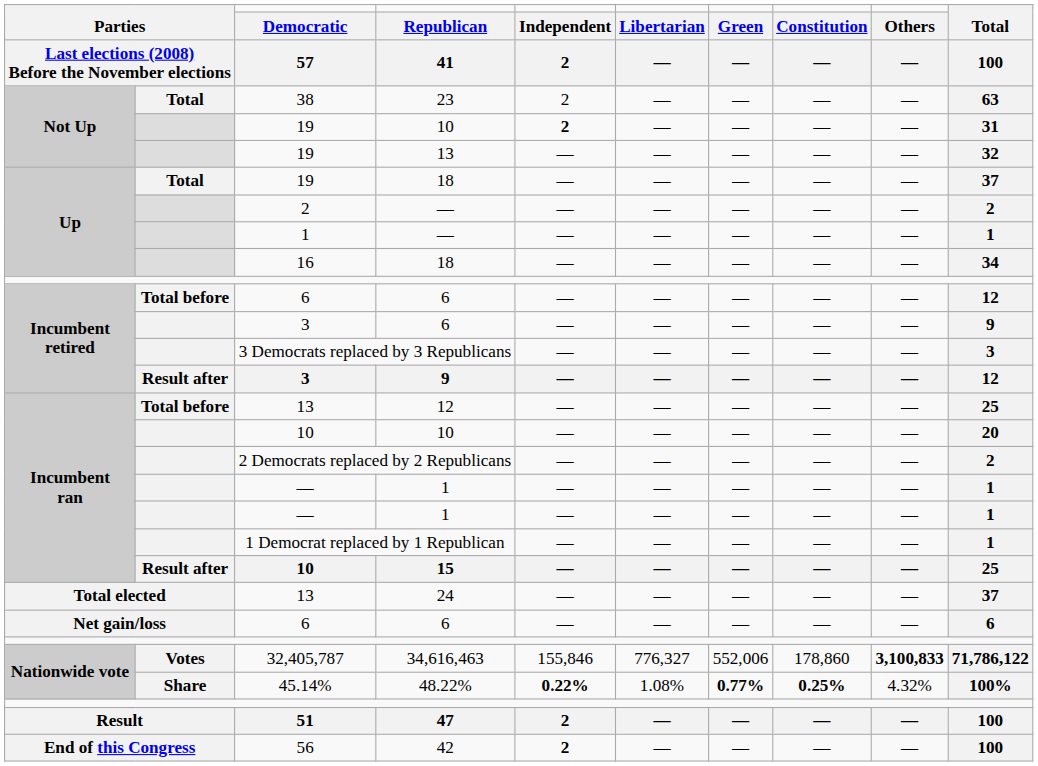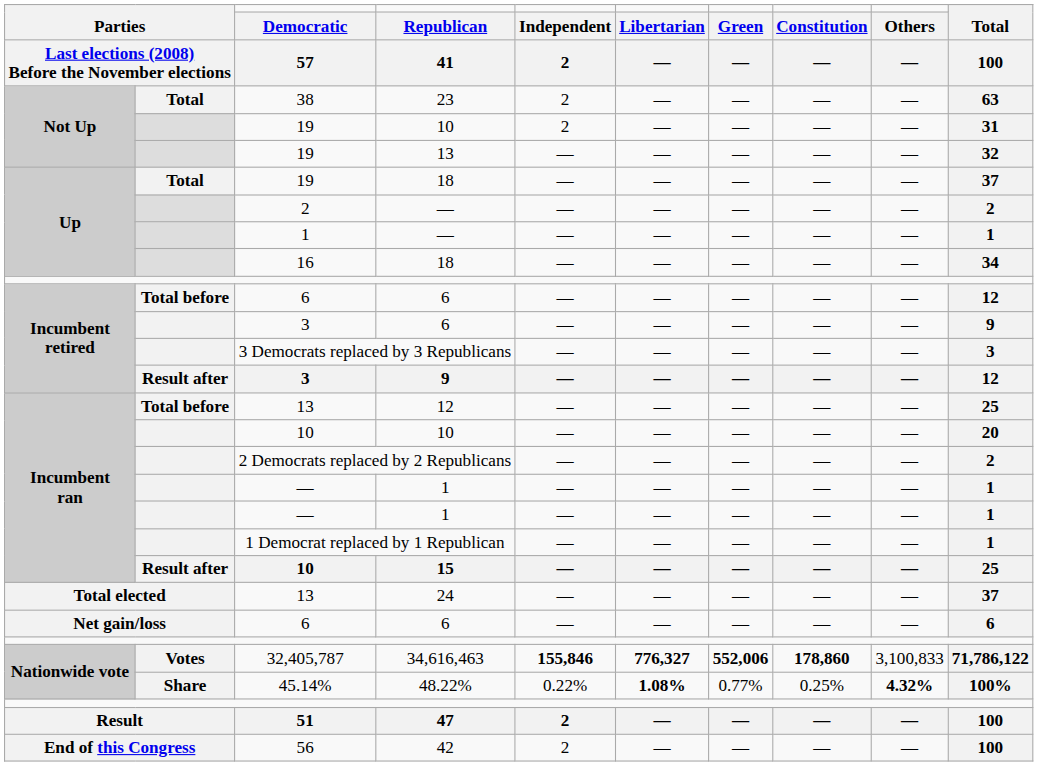 <table class=wikitable style=text-align:center>
 <tr valign=bottom>
 <th colspan=2 rowspan=2>Parties</th>
 <td style="background-color:"></td>
 <td style="background-color:"></td>
 <td style="background-color:"></td>
 <td style="background-color:"></td>
 <td style="background-color:"></td>
 <td style="background-color:"></td>
 <td style="background-color:"></td>
 <th rowspan=2>Total</th>
 </tr>
 <tr>
 <th class=small><a href='#'>Democratic</a></th>
 <th class=small><a href='#'>Republican</a></th>
 <th class=small>Independent</th>
 <th class=small><a href='#'>Libertarian</a></th>
 <th class=small><a href='#'>Green</a></th>
 <th class=small><a href='#'>Constitution</a></th>
 <th class=small>Others</th>
 </tr>
 <tr>
 <th colspan=2><a href='#'>Last elections (2008)</a><br>Before the November elections</th>
 <th>57</th>
 <th>41</th>
 <th>2</th>
 <th>—</th>
 <th>—</th>
 <th>—</th>
 <th>—</th>
 <th>100</th>
 </tr>
 <tr>
 <th rowspan=3 style="background:#ccc">Not Up</th>
 <th>Total</th>
 <td>38</td>
 <td>23</td>
 <td>2</td>
 <td>—</td>
 <td>—</td>
 <td>—</td>
 <td>—</td>
 <th>63</th>
 </tr>
 <tr>
 <th style="background:#ddd"></th>
 <td>19</td>
 <td>10</td>
-<td><strong>2</strong></td>
+<td>2</td>
 <td>—</td>
 <td>—</td>
 <td>—</td>
 <td>—</td>
 <th>31</th>
 </tr>
 <tr>
 <th style="background:#ddd"></th>
 <td>19</td>
 <td>13</td>
 <td>—</td>
 <td>—</td>
 <td>—</td>
 <td>—</td>
 <td>—</td>
 <th>32</th>
 </tr>
 <tr>
 <th rowspan=4 style="background:#ccc">Up</th>
 <th>Total</th>
 <td>19</td>
 <td>18</td>
 <td>—</td>
 <td>—</td>
 <td>—</td>
 <td>—</td>
 <td>—</td>
 <th>37</th>
 </tr>
 <tr>
 <th style="background:#ddd"></th>
 <td>2</td>
 <td>—</td>
 <td>—</td>
 <td>—</td>
 <td>—</td>
 <td>—</td>
 <td>—</td>
 <th>2</th>
 </tr>
 <tr>
 <th style="background:#ddd"></th>
 <td>1</td>
 <td>—</td>
 <td>—</td>
 <td>—</td>
 <td>—</td>
 <td>—</td>
 <td>—</td>
 <th>1</th>
 </tr>
 <tr>
 <th style="background:#ddd"></th>
 <td>16</td>
 <td>18</td>
 <td>—</td>
 <td>—</td>
 <td>—</td>
 <td>—</td>
 <td>—</td>
 <th>34</th>
 </tr>
 <tr>
 <td colspan=99></td>
 </tr>
 <tr>
 <th rowspan=4 style="background:#ccc">Incumbent<br>retired</th>
 <th>Total before</th>
 <td>6</td>
 <td>6</td>
 <td>—</td>
 <td>—</td>
 <td>—</td>
 <td>—</td>
 <td>—</td>
 <th>12</th>
 </tr>
 <tr>
 <th></th>
 <td>3</td>
 <td>6</td>
 <td>—</td>
 <td>—</td>
 <td>—</td>
 <td>—</td>
 <td>—</td>
 <th>9</th>
 </tr>
 <tr>
 <th></th>
 <td colspan=2 > 3 Democrats replaced by  3 Republicans</td>
 <td>—</td>
 <td>—</td>
 <td>—</td>
 <td>—</td>
 <td>—</td>
 <th>3</th>
 </tr>
 <tr>
 <th>Result after</th>
 <th>3</th>
 <th>9</th>
 <th>—</th>
 <th>—</th>
 <th>—</th>
 <th>—</th>
 <th>—</th>
 <th>12</th>
 </tr>
 <tr>
 <th rowspan=7 style="background:#ccc">Incumbent<br>ran</th>
 <th>Total before</th>
 <td>13</td>
 <td>12</td>
 <td>—</td>
 <td>—</td>
 <td>—</td>
 <td>—</td>
 <td>—</td>
 <th>25</th>
 </tr>
 <tr>
 <th></th>
 <td>10</td>
 <td>10</td>
 <td>—</td>
 <td>—</td>
 <td>—</td>
 <td>—</td>
 <td>—</td>
 <th>20</th>
 </tr>
 <tr>
 <th></th>
 <td colspan=2 > 2 Democrats replaced by  2 Republicans</td>
 <td>—</td>
 <td>—</td>
 <td>—</td>
 <td>—</td>
 <td>—</td>
 <th>2</th>
 </tr>
 <tr>
 <th></th>
 <td>—</td>
 <td>1</td>
 <td>—</td>
 <td>—</td>
 <td>—</td>
 <td>—</td>
 <td>—</td>
 <th>1</th>
 </tr>
 <tr>
 <th></th>
 <td>—</td>
 <td>1</td>
 <td>—</td>
 <td>—</td>
 <td>—</td>
 <td>—</td>
 <td>—</td>
 <th>1</th>
 </tr>
 <tr>
 <th></th>
 <td colspan=2 > 1 Democrat replaced by  1 Republican</td>
 <td>—</td>
 <td>—</td>
 <td>—</td>
 <td>—</td>
 <td>—</td>
 <th>1</th>
 </tr>
 <tr>
 <th>Result after</th>
 <th>10</th>
 <th>15</th>
 <th>—</th>
 <th>—</th>
 <th>—</th>
 <th>—</th>
 <th>—</th>
 <th>25</th>
 </tr>
 <tr>
 <th colspan=2>Total elected</th>
 <td>13</td>
 <td>24</td>
 <td>—</td>
 <td>—</td>
 <td>—</td>
 <td>—</td>
 <td>—</td>
 <th>37</th>
 </tr>
 <tr>
 <th colspan=2>Net gain/loss</th>
 <td> 6</td>
 <td> 6</td>
 <td>—</td>
 <td>—</td>
 <td>—</td>
 <td>—</td>
 <td>—</td>
 <th>6</th>
 </tr>
 <tr>
 <td colspan=99></td>
 </tr>
 <tr>
 <th rowspan=2 style="background:#ccc">Nationwide vote</th>
 <th>Votes</th>
 <td>32,405,787</td>
 <td>34,616,463</td>
-<td>155,846</td>
-<td>776,327</td>
-<td>552,006</td>
-<td>178,860</td>
-<td><strong>3,100,833</strong></td>
+<td><strong>155,846</strong></td>
+<td><strong>776,327</strong></td>
+<td><strong>552,006</strong></td>
+<td><strong>178,860</strong></td>
+<td>3,100,833</td>
 <th>71,786,122</th>
 </tr>
 <tr>
 <th>Share</th>
 <td>45.14%</td>
 <td>48.22%</td>
-<td><strong>0.22%</strong></td>
-<td>1.08%</td>
-<td><strong>0.77%</strong></td>
-<td><strong>0.25%</strong></td>
-<td>4.32%</td>
+<td>0.22%</td>
+<td><strong>1.08%</strong></td>
+<td>0.77%</td>
+<td>0.25%</td>
+<td><strong>4.32%</strong></td>
 <th>100%</th>
 </tr>
 <tr>
 <td colspan=99></td>
 </tr>
 <tr>
 <th colspan=2>Result</th>
 <th>51</th>
 <th>47</th>
 <th>2</th>
 <th>—</th>
 <th>—</th>
 <th>—</th>
 <th>—</th>
 <th>100</th>
 </tr>
 <tr>
 <th colspan=2>End of <a href='#'>this Congress</a></th>
 <td>56</td>
 <td>42</td>
-<td><strong>2</strong></td>
+<td>2</td>
 <td>—</td>
 <td>—</td>
 <td>—</td>
 <td>—</td>
 <th>100</th>
 </tr>
 </table>
